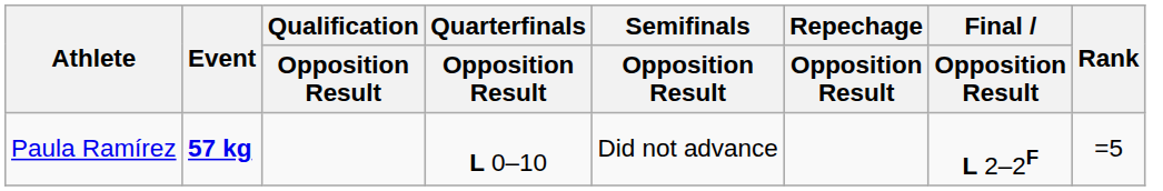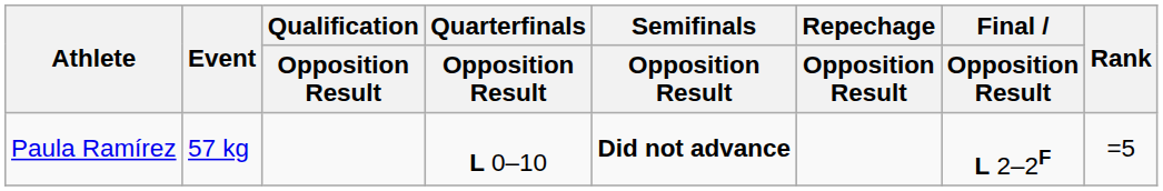 <table class="wikitable" border="1" style="font-size:90%">
 <tr>
 <th rowspan=2>Athlete</th>
 <th rowspan=2>Event</th>
 <th>Qualification</th>
 <th>Quarterfinals</th>
 <th>Semifinals</th>
 <th>Repechage</th>
 <th>Final / </th>
 <th rowspan=2>Rank</th>
 </tr>
 <tr>
 <th>Opposition<br>Result</th>
 <th>Opposition<br>Result</th>
 <th>Opposition<br>Result</th>
 <th>Opposition<br>Result</th>
 <th>Opposition<br>Result</th>
 </tr>
 <tr align=center>
 <td align=left><a href='#'>Paula Ramírez</a></td>
-<td align=left><strong><a href='#'>57 kg</a></strong></td>
+<td align=left><a href='#'>57 kg</a></td>
 <td></td>
 <td><br><strong>L</strong> 0–10</td>
-<td>Did not advance</td>
+<td><strong>Did not advance</strong></td>
 <td></td>
 <td><br><strong>L</strong> 2–2<sup><strong>F</strong></sup></td>
 <td>=5</td>
 </tr>
 </table>
